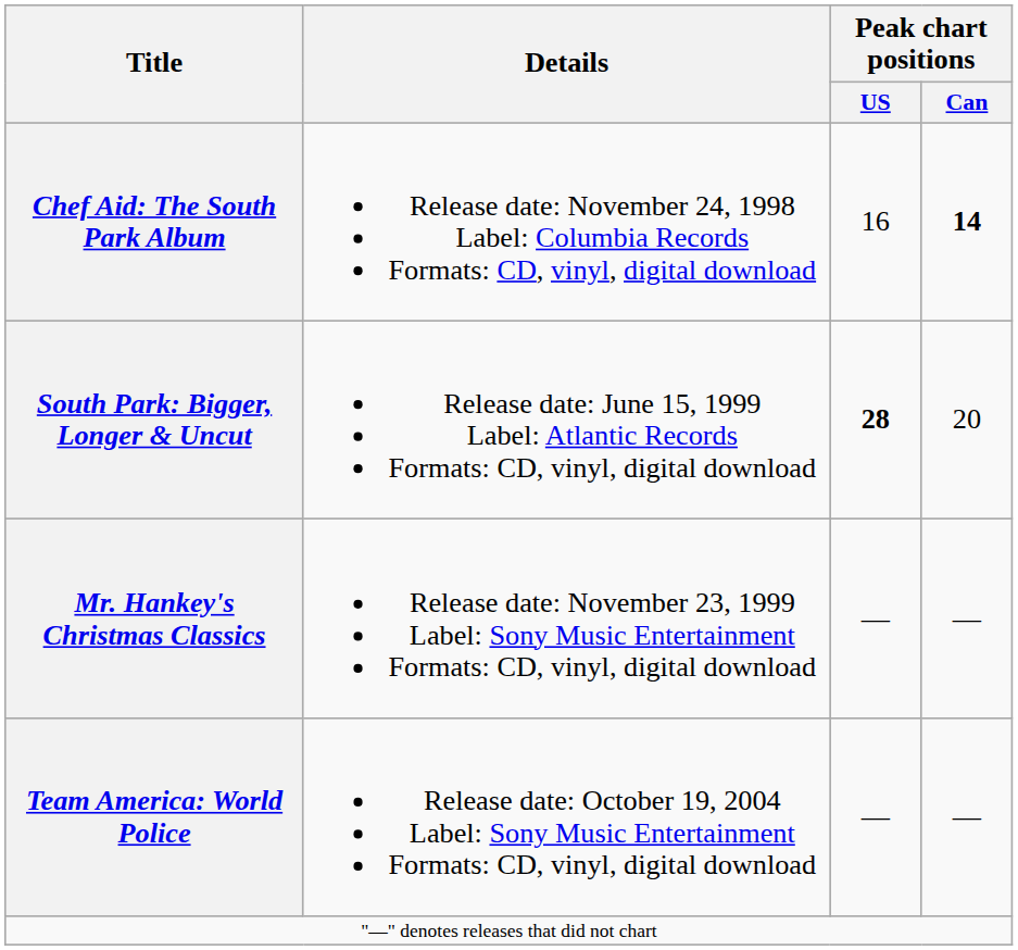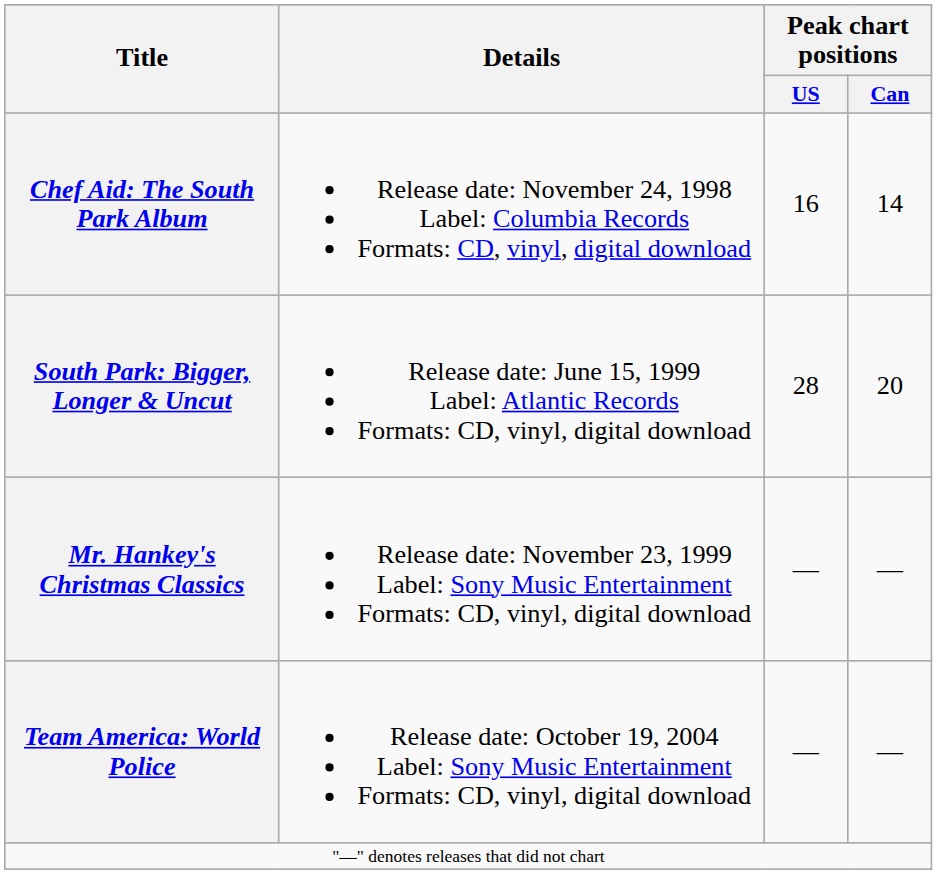 <table class="wikitable plainrowheaders" style="text-align:center;">
 <tr>
 <th rowspan="2" style="width:10em;">Title</th>
 <th rowspan="2" style="width:18em;">Details</th>
 <th colspan="4">Peak chart positions</th>
 </tr>
 <tr style="font-size:smaller;">
 <th style="width:45px;"><a href='#'>US</a></th>
 <th style="width:45px;"><a href='#'>Can</a></th>
 </tr>
 <tr>
 <th scope="row"><em><a href='#'>Chef Aid: The South Park Album</a></em></th>
 <td><br><ul><li>Release date: November 24, 1998</li><li>Label: <a href='#'>Columbia Records</a></li><li>Formats: <a href='#'>CD</a>, <a href='#'>vinyl</a>, <a href='#'>digital download</a></li></ul></td>
 <td>16</td>
-<td><strong>14</strong></td>
+<td>14</td>
 </tr>
 <tr>
 <th scope="row"><em><a href='#'>South Park: Bigger, Longer & Uncut</a></em></th>
 <td><br><ul><li>Release date: June 15, 1999</li><li>Label: <a href='#'>Atlantic Records</a></li><li>Formats: CD, vinyl, digital download</li></ul></td>
-<td><strong>28</strong></td>
+<td>28</td>
 <td>20</td>
 </tr>
 <tr>
 <th scope="row"><em><a href='#'>Mr. Hankey's Christmas Classics</a></em></th>
 <td><br><ul><li>Release date: November 23, 1999</li><li>Label: <a href='#'>Sony Music Entertainment</a></li><li>Formats: CD, vinyl, digital download</li></ul></td>
 <td>—</td>
 <td>—</td>
 </tr>
 <tr>
 <th scope="row"><em><a href='#'>Team America: World Police</a></em></th>
 <td><br><ul><li>Release date: October 19, 2004</li><li>Label: <a href='#'>Sony Music Entertainment</a></li><li>Formats: CD, vinyl, digital download</li></ul></td>
 <td>—</td>
 <td>—</td>
 </tr>
 <tr>
 <td colspan="10" style="font-size:8pt">"—" denotes releases that did not chart</td>
 </tr>
 </table>
